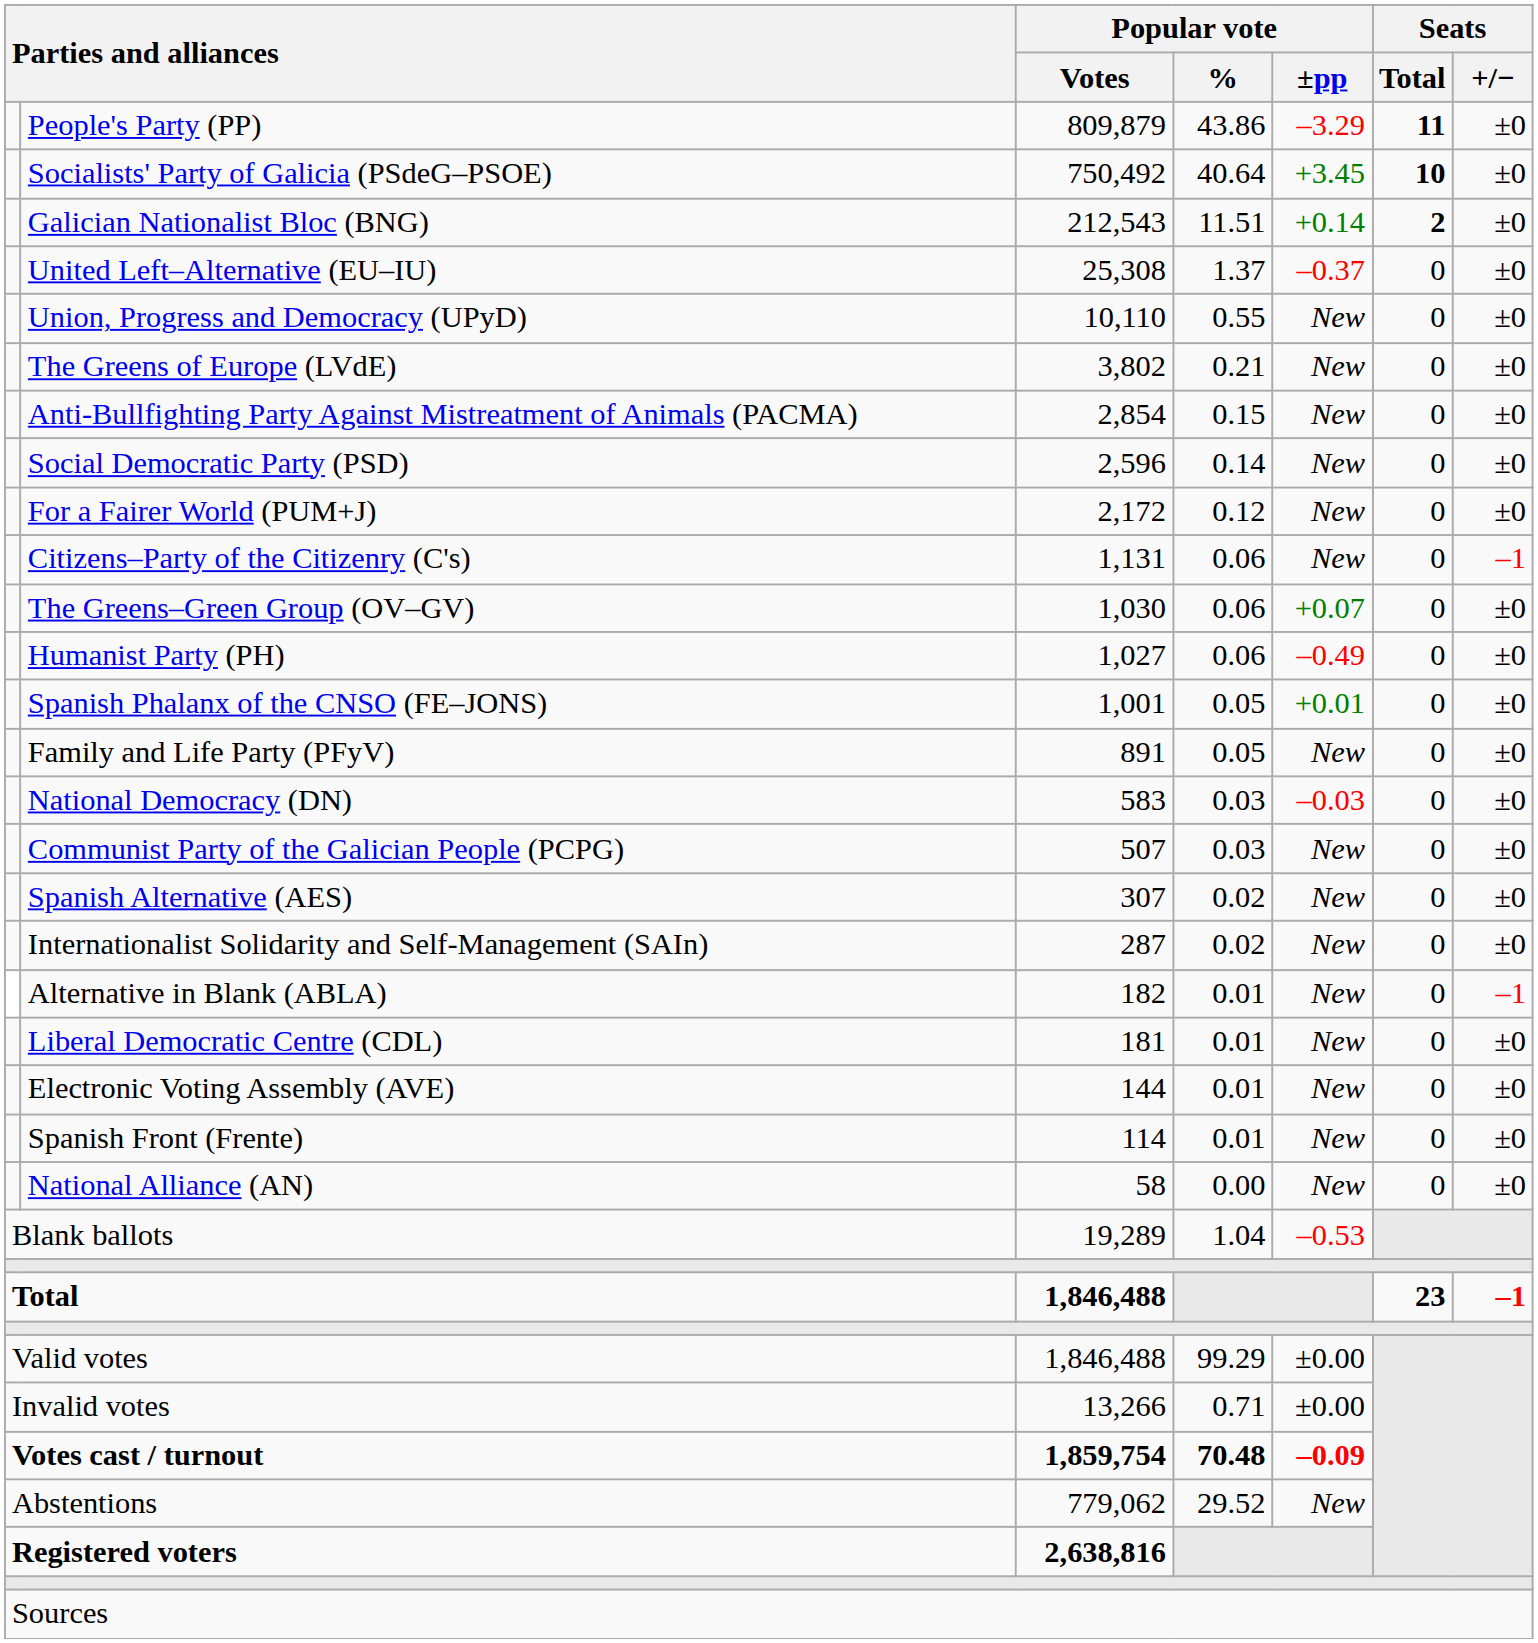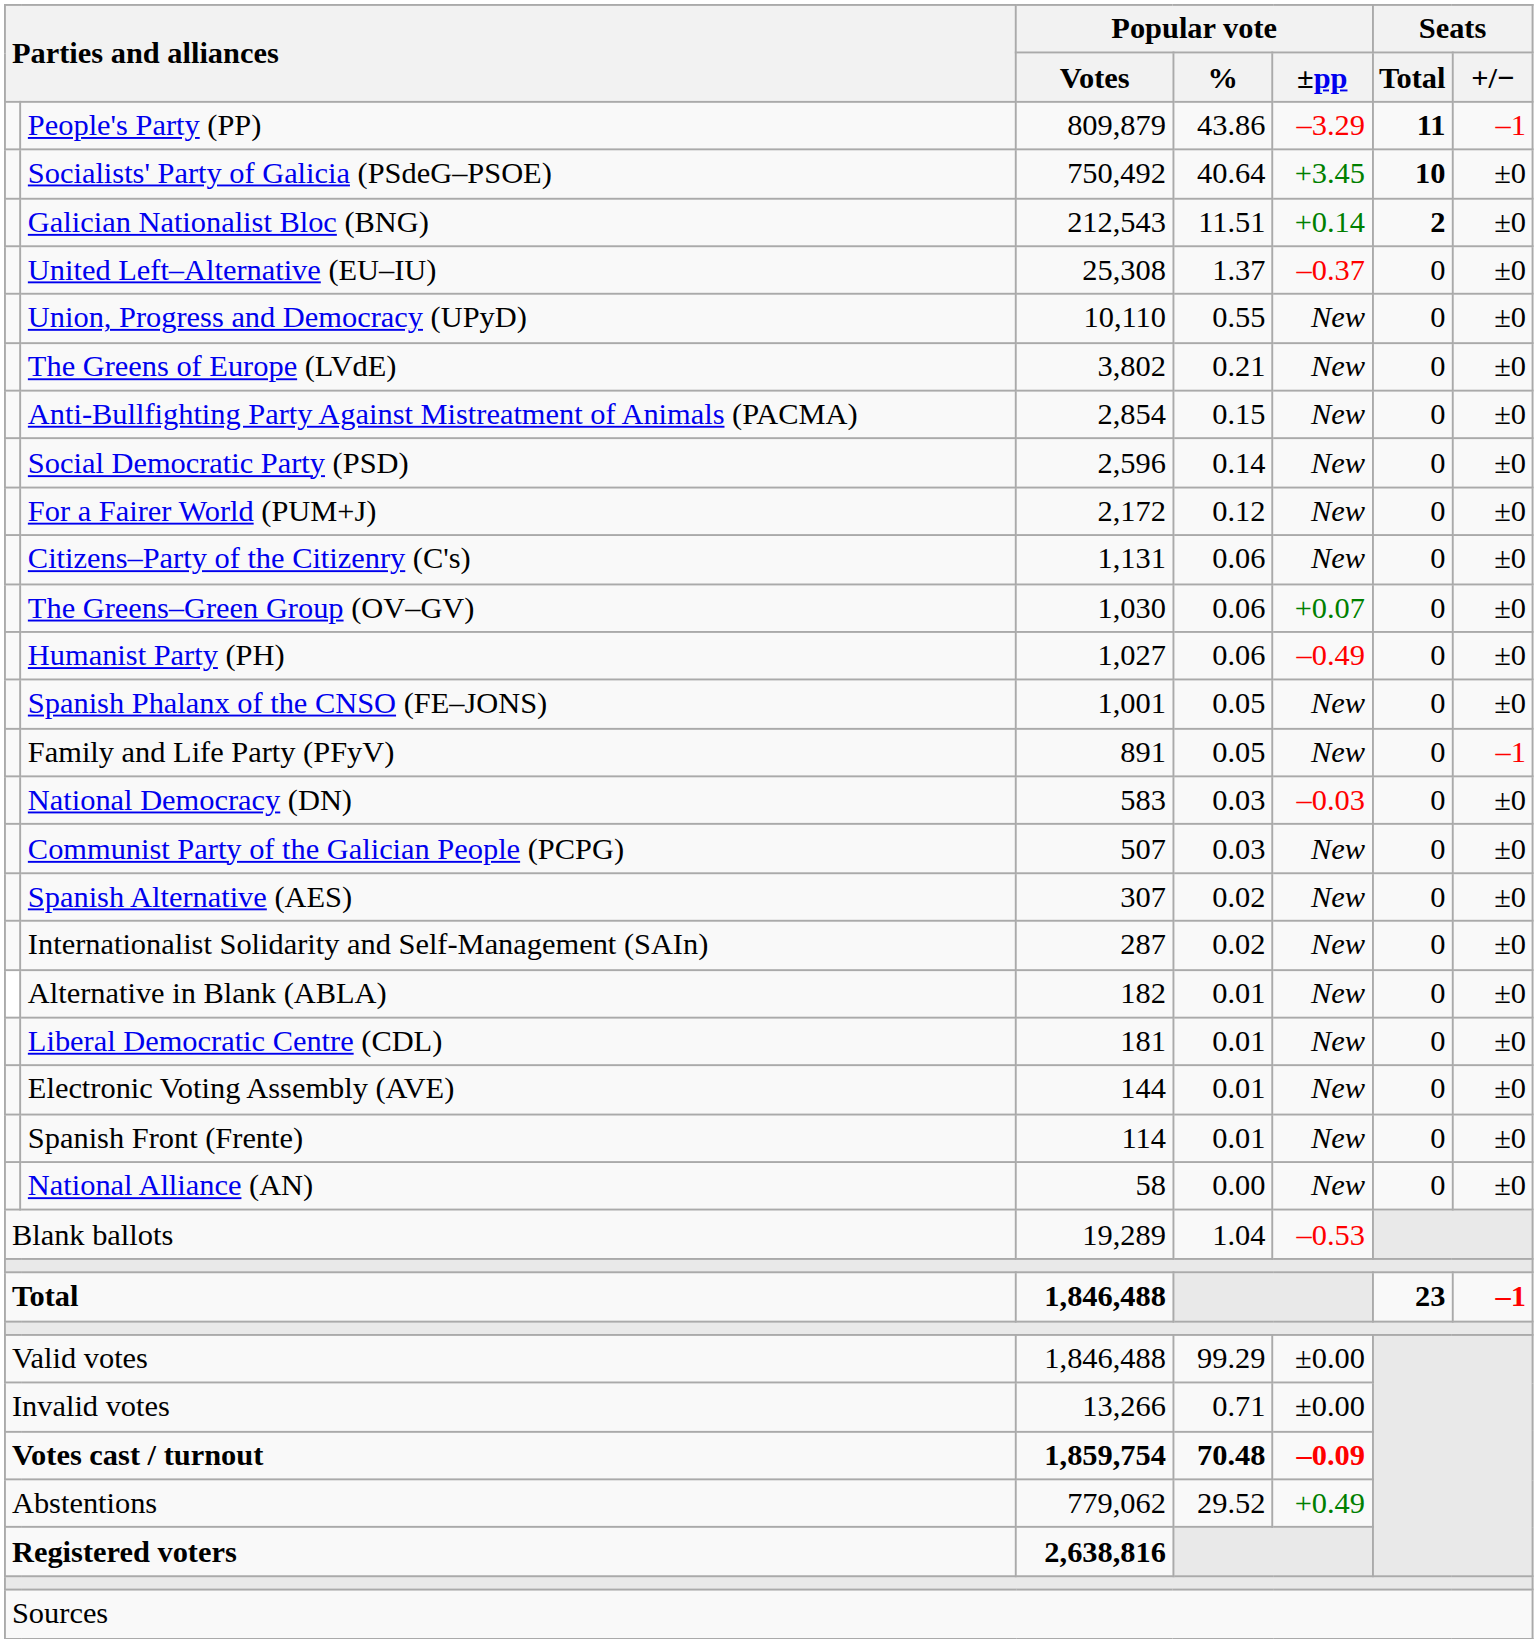 <table class="wikitable" style="text-align:right;">
 <tr>
 <th style="text-align:left;" rowspan="2" colspan="2" width="525">Parties and alliances</th>
 <th colspan="3">Popular vote</th>
 <th colspan="2">Seats</th>
 </tr>
 <tr>
 <th width="75">Votes</th>
 <th width="45">%</th>
 <th width="45">±<a href='#'>pp</a></th>
 <th width="35">Total</th>
 <th width="35">+/−</th>
 </tr>
 <tr>
 <td width="1" style="color:inherit;background:"></td>
 <td align="left"><a href='#'>People's Party</a> (PP)</td>
 <td>809,879</td>
 <td>43.86</td>
 <td style="color:red;">–3.29</td>
 <td><strong>11</strong></td>
-<td>±0</td>
+<td style="color:red;">–1</td>
 </tr>
 <tr>
 <td style="color:inherit;background:"></td>
 <td align="left"><a href='#'>Socialists' Party of Galicia</a> (PSdeG–PSOE)</td>
 <td>750,492</td>
 <td>40.64</td>
 <td style="color:green;">+3.45</td>
 <td><strong>10</strong></td>
 <td>±0</td>
 </tr>
 <tr>
 <td style="color:inherit;background:"></td>
 <td align="left"><a href='#'>Galician Nationalist Bloc</a> (BNG)</td>
 <td>212,543</td>
 <td>11.51</td>
 <td style="color:green;">+0.14</td>
 <td><strong>2</strong></td>
 <td>±0</td>
 </tr>
 <tr>
 <td style="color:inherit;background:"></td>
 <td align="left"><a href='#'>United Left–Alternative</a> (EU–IU)</td>
 <td>25,308</td>
 <td>1.37</td>
 <td style="color:red;">–0.37</td>
 <td>0</td>
 <td>±0</td>
 </tr>
 <tr>
 <td style="color:inherit;background:"></td>
 <td align="left"><a href='#'>Union, Progress and Democracy</a> (UPyD)</td>
 <td>10,110</td>
 <td>0.55</td>
 <td><em>New</em></td>
 <td>0</td>
 <td>±0</td>
 </tr>
 <tr>
 <td style="color:inherit;background:"></td>
 <td align="left"><a href='#'>The Greens of Europe</a> (LVdE)</td>
 <td>3,802</td>
 <td>0.21</td>
 <td><em>New</em></td>
 <td>0</td>
 <td>±0</td>
 </tr>
 <tr>
 <td style="color:inherit;background:"></td>
 <td align="left"><a href='#'>Anti-Bullfighting Party Against Mistreatment of Animals</a> (PACMA)</td>
 <td>2,854</td>
 <td>0.15</td>
 <td><em>New</em></td>
 <td>0</td>
 <td>±0</td>
 </tr>
 <tr>
 <td style="color:inherit;background:"></td>
 <td align="left"><a href='#'>Social Democratic Party</a> (PSD)</td>
 <td>2,596</td>
 <td>0.14</td>
 <td><em>New</em></td>
 <td>0</td>
 <td>±0</td>
 </tr>
 <tr>
 <td style="color:inherit;background:"></td>
 <td align="left"><a href='#'>For a Fairer World</a> (PUM+J)</td>
 <td>2,172</td>
 <td>0.12</td>
 <td><em>New</em></td>
 <td>0</td>
 <td>±0</td>
 </tr>
 <tr>
 <td style="color:inherit;background:"></td>
 <td align="left"><a href='#'>Citizens–Party of the Citizenry</a> (C's)</td>
 <td>1,131</td>
 <td>0.06</td>
 <td><em>New</em></td>
 <td>0</td>
-<td style="color:red;">–1</td>
+<td>±0</td>
 </tr>
 <tr>
 <td style="color:inherit;background:"></td>
 <td align="left"><a href='#'>The Greens–Green Group</a> (OV–GV)</td>
 <td>1,030</td>
 <td>0.06</td>
 <td style="color:green;">+0.07</td>
 <td>0</td>
 <td>±0</td>
 </tr>
 <tr>
 <td style="color:inherit;background:"></td>
 <td align="left"><a href='#'>Humanist Party</a> (PH)</td>
 <td>1,027</td>
 <td>0.06</td>
 <td style="color:red;">–0.49</td>
 <td>0</td>
 <td>±0</td>
 </tr>
 <tr>
 <td style="color:inherit;background:"></td>
 <td align="left"><a href='#'>Spanish Phalanx of the CNSO</a> (FE–JONS)</td>
 <td>1,001</td>
 <td>0.05</td>
-<td style="color:green;">+0.01</td>
+<td><em>New</em></td>
 <td>0</td>
 <td>±0</td>
 </tr>
 <tr>
 <td style="color:inherit;background:"></td>
 <td align="left">Family and Life Party (PFyV)</td>
 <td>891</td>
 <td>0.05</td>
 <td><em>New</em></td>
 <td>0</td>
-<td>±0</td>
+<td style="color:red;">–1</td>
 </tr>
 <tr>
 <td style="color:inherit;background:"></td>
 <td align="left"><a href='#'>National Democracy</a> (DN)</td>
 <td>583</td>
 <td>0.03</td>
 <td style="color:red;">–0.03</td>
 <td>0</td>
 <td>±0</td>
 </tr>
 <tr>
 <td style="color:inherit;background:"></td>
 <td align="left"><a href='#'>Communist Party of the Galician People</a> (PCPG)</td>
 <td>507</td>
 <td>0.03</td>
 <td><em>New</em></td>
 <td>0</td>
 <td>±0</td>
 </tr>
 <tr>
 <td style="color:inherit;background:"></td>
 <td align="left"><a href='#'>Spanish Alternative</a> (AES)</td>
 <td>307</td>
 <td>0.02</td>
 <td><em>New</em></td>
 <td>0</td>
 <td>±0</td>
 </tr>
 <tr>
 <td style="color:inherit;background:"></td>
 <td align="left">Internationalist Solidarity and Self-Management (SAIn)</td>
 <td>287</td>
 <td>0.02</td>
 <td><em>New</em></td>
 <td>0</td>
 <td>±0</td>
 </tr>
 <tr>
 <td bgcolor="white"></td>
 <td align="left">Alternative in Blank (ABLA)</td>
 <td>182</td>
 <td>0.01</td>
 <td><em>New</em></td>
 <td>0</td>
-<td style="color:red;">–1</td>
+<td>±0</td>
 </tr>
 <tr>
 <td style="color:inherit;background:"></td>
 <td align="left"><a href='#'>Liberal Democratic Centre</a> (CDL)</td>
 <td>181</td>
 <td>0.01</td>
 <td><em>New</em></td>
 <td>0</td>
 <td>±0</td>
 </tr>
 <tr>
 <td style="color:inherit;background:"></td>
 <td align="left">Electronic Voting Assembly (AVE)</td>
 <td>144</td>
 <td>0.01</td>
 <td><em>New</em></td>
 <td>0</td>
 <td>±0</td>
 </tr>
 <tr>
 <td style="color:inherit;background:"></td>
 <td align="left">Spanish Front (Frente)</td>
 <td>114</td>
 <td>0.01</td>
 <td><em>New</em></td>
 <td>0</td>
 <td>±0</td>
 </tr>
 <tr>
 <td style="color:inherit;background:"></td>
 <td align="left"><a href='#'>National Alliance</a> (AN)</td>
 <td>58</td>
 <td>0.00</td>
 <td><em>New</em></td>
 <td>0</td>
 <td>±0</td>
 </tr>
 <tr>
 <td align="left" colspan="2">Blank ballots</td>
 <td>19,289</td>
 <td>1.04</td>
 <td style="color:red;">–0.53</td>
 <td bgcolor="#E9E9E9" colspan="2"></td>
 </tr>
 <tr>
 <td colspan="7" bgcolor="#E9E9E9"></td>
 </tr>
 <tr style="font-weight:bold;">
 <td align="left" colspan="2">Total</td>
 <td>1,846,488</td>
 <td bgcolor="#E9E9E9" colspan="2"></td>
 <td>23</td>
 <td style="color:red;">–1</td>
 </tr>
 <tr>
 <td colspan="7" bgcolor="#E9E9E9"></td>
 </tr>
 <tr>
 <td align="left" colspan="2">Valid votes</td>
 <td>1,846,488</td>
 <td>99.29</td>
 <td>±0.00</td>
 <td bgcolor="#E9E9E9" colspan="2" rowspan="5"></td>
 </tr>
 <tr>
 <td align="left" colspan="2">Invalid votes</td>
 <td>13,266</td>
 <td>0.71</td>
 <td>±0.00</td>
 </tr>
 <tr style="font-weight:bold;">
 <td align="left" colspan="2">Votes cast / turnout</td>
 <td>1,859,754</td>
 <td>70.48</td>
 <td style="color:red;">–0.09</td>
 </tr>
 <tr>
 <td align="left" colspan="2">Abstentions</td>
 <td>779,062</td>
 <td>29.52</td>
-<td><em>New</em></td>
+<td style="color:green;">+0.49</td>
 </tr>
 <tr style="font-weight:bold;">
 <td align="left" colspan="2">Registered voters</td>
 <td>2,638,816</td>
 <td bgcolor="#E9E9E9" colspan="2"></td>
 </tr>
 <tr>
 <td colspan="7" bgcolor="#E9E9E9"></td>
 </tr>
 <tr>
 <td align="left" colspan="7">Sources</td>
 </tr>
 </table>
